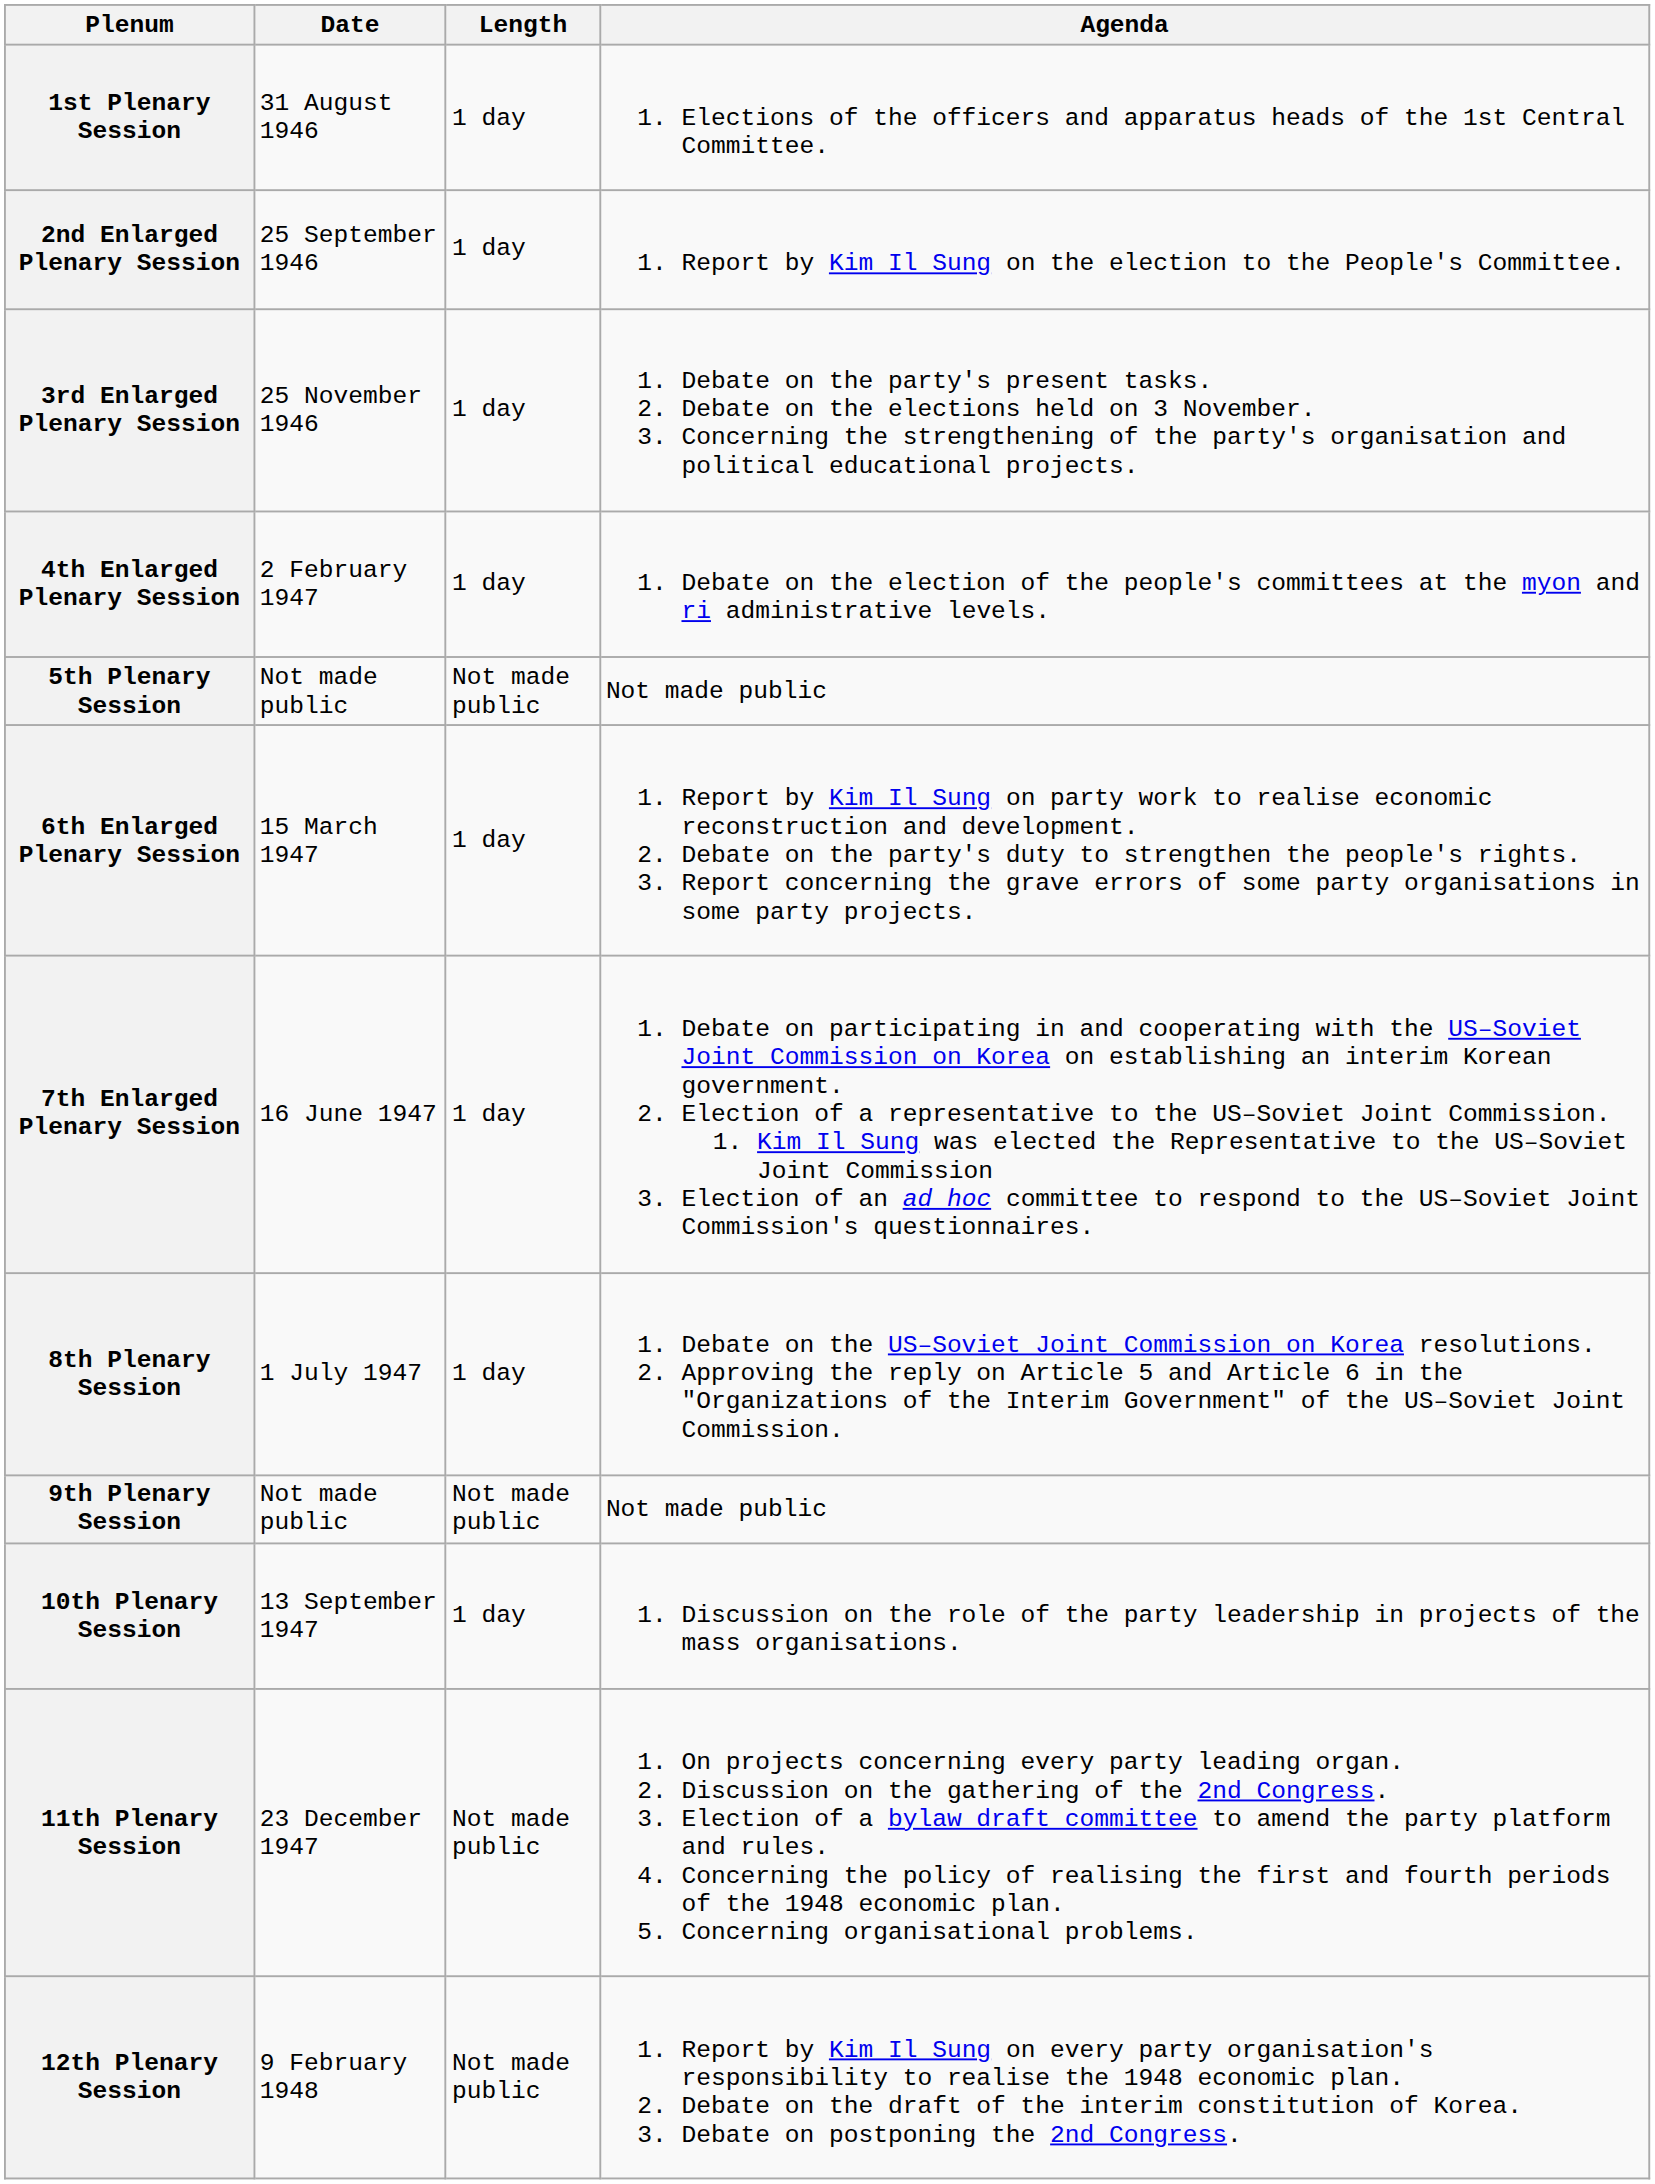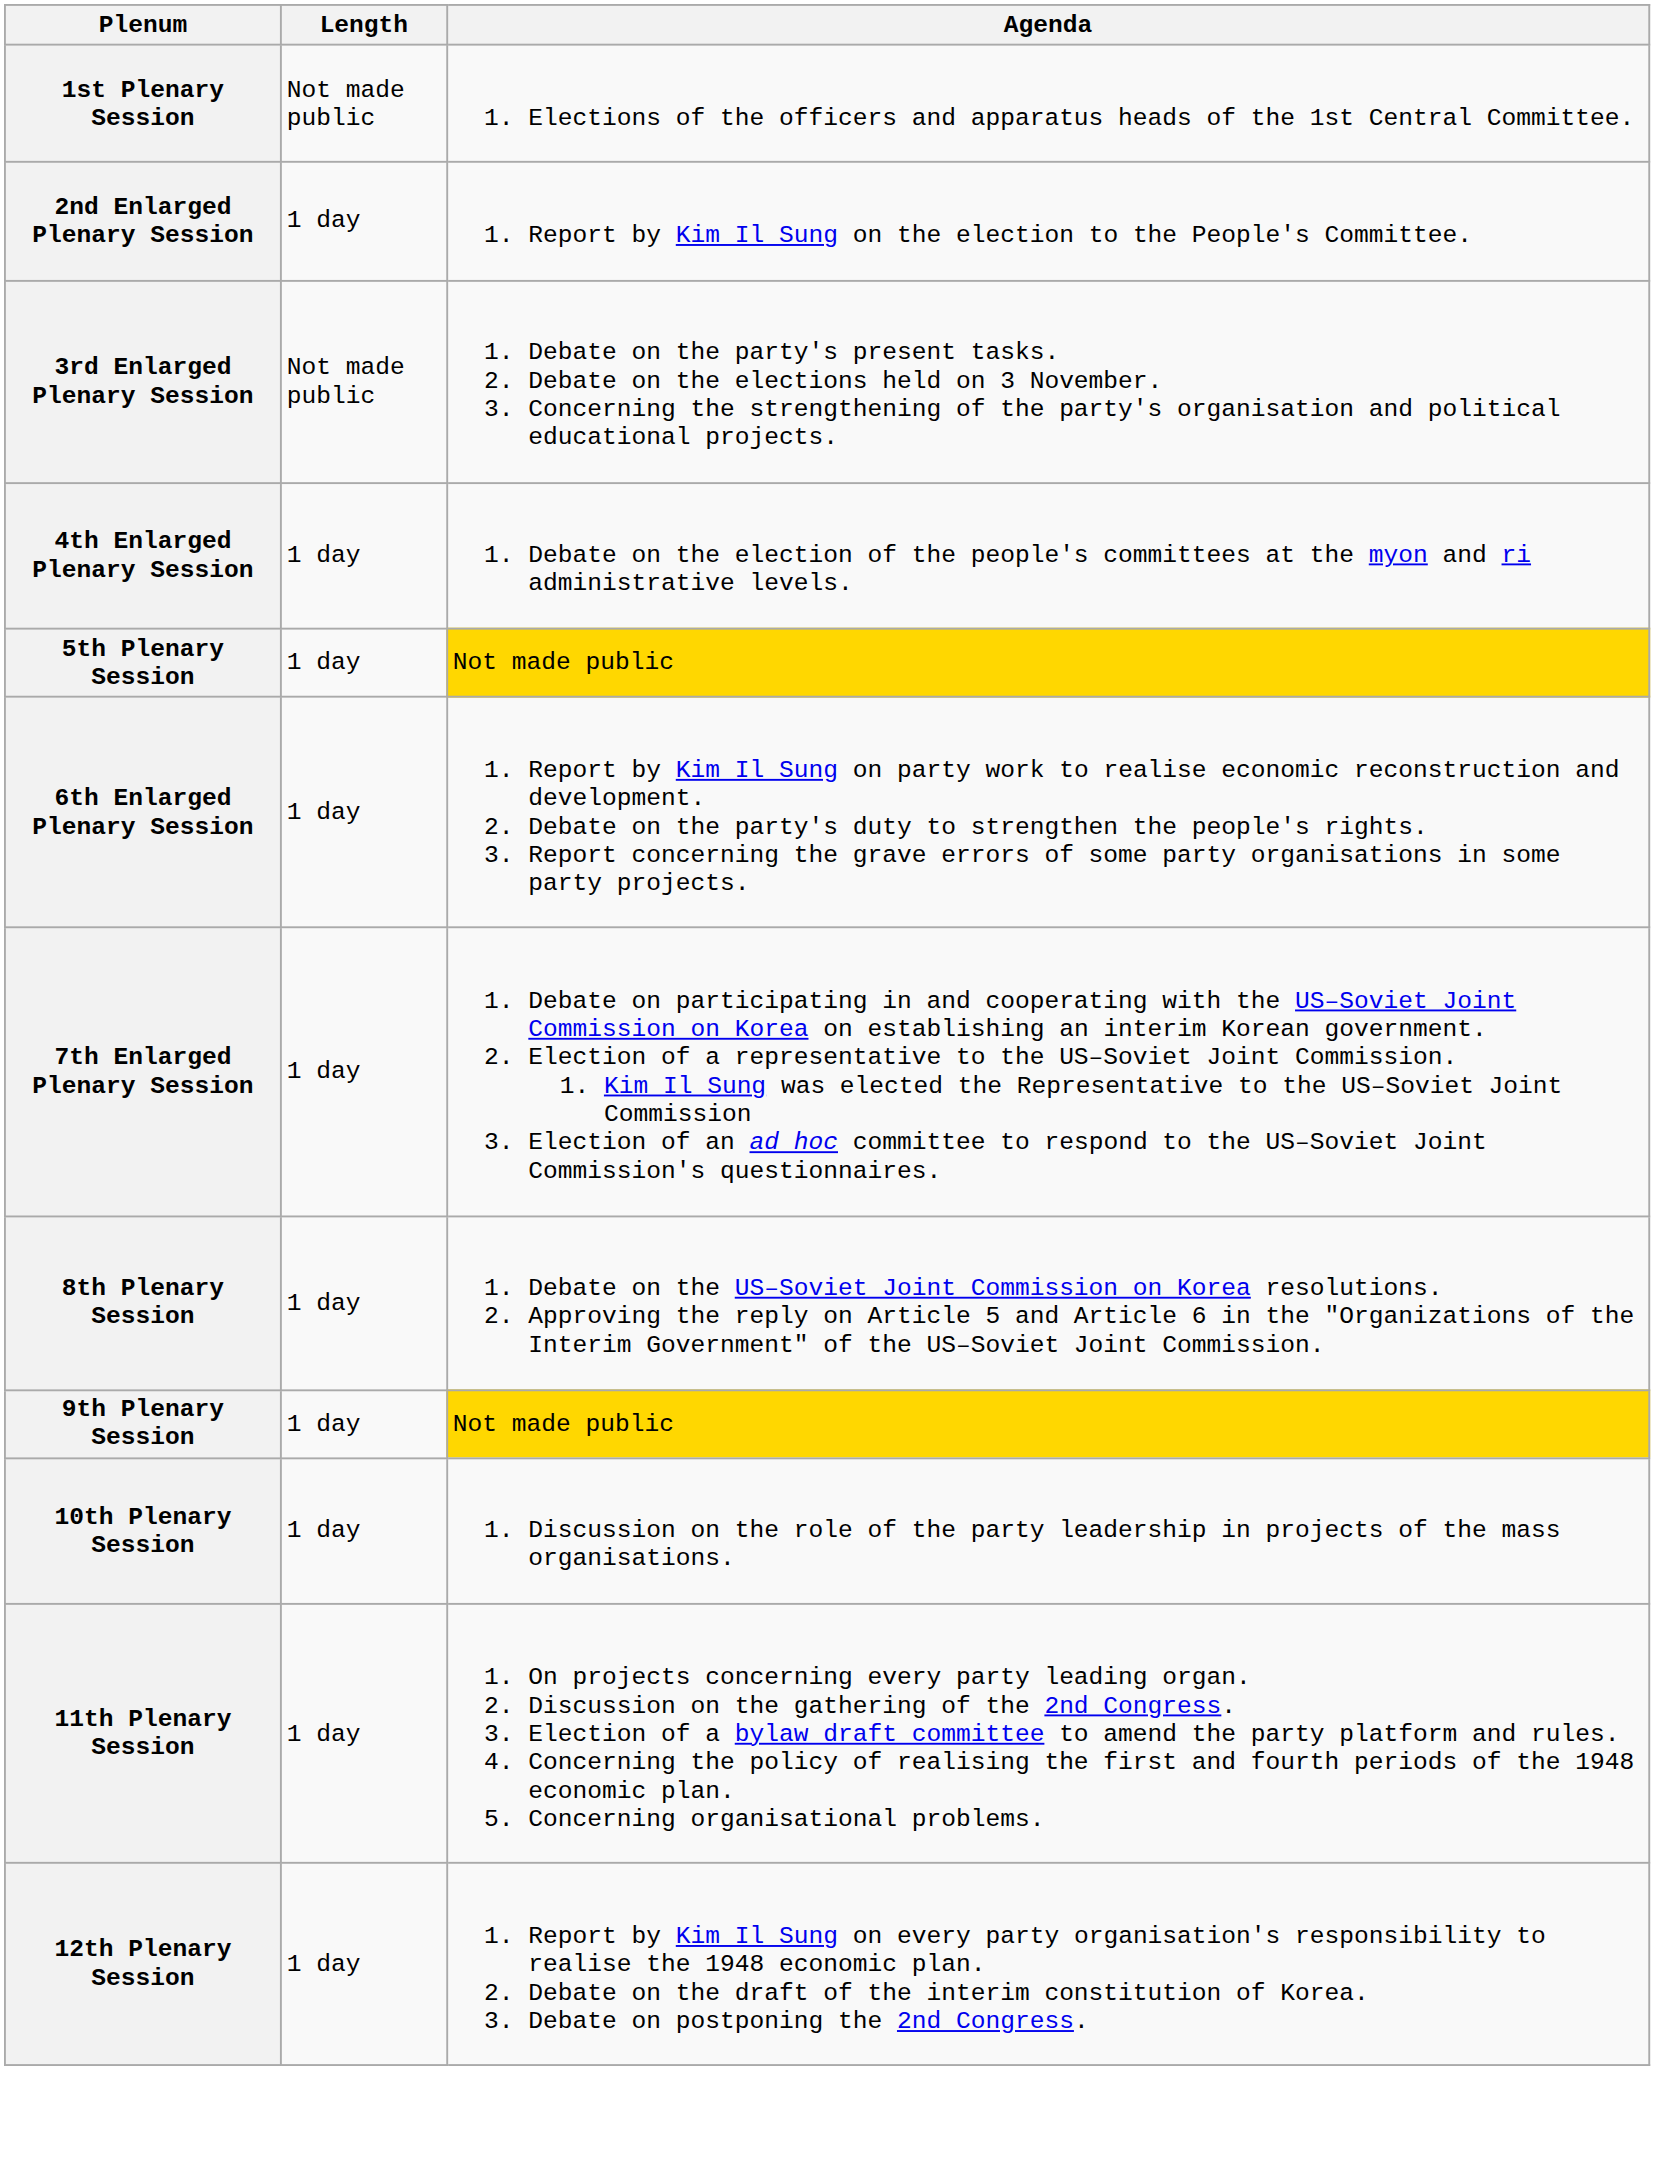 <table class="wikitable sortable plainrowheaders">
 <tr>
 <th scope="col">Plenum</th>
-<th scope="col">Date</th>
 <th scope="col">Length</th>
 <th scope="col">Agenda</th>
 </tr>
 <tr>
 <th scope="row">1st Plenary Session</th>
-<td data-sort-value="1">31 August 1946</td>
-<td>1 day</td>
+<td>Not made public</td>
 <td><br><ol><li>Elections of the officers and apparatus heads of the 1st  Central Committee.</li></ol></td>
 </tr>
 <tr>
 <th scope="row">2nd Enlarged Plenary Session</th>
-<td data-sort-value="2">25 September 1946</td>
 <td>1 day</td>
 <td><br><ol><li>Report by <a href='#'>Kim Il Sung</a> on the election to the People's Committee.</li></ol></td>
 </tr>
 <tr>
 <th scope="row">3rd Enlarged Plenary Session</th>
-<td data-sort-value="3">25 November 1946</td>
-<td>1 day</td>
+<td>Not made public</td>
 <td><br><ol><li>Debate on the party's present tasks.</li><li>Debate on the elections held on 3 November.</li><li>Concerning the strengthening of the party's organisation and political educational projects.</li></ol></td>
 </tr>
 <tr>
 <th scope="row">4th Enlarged Plenary Session</th>
-<td data-sort-value="4">2 February 1947</td>
 <td>1 day</td>
 <td><br><ol><li>Debate on the election of the people's committees at the <a href='#'>myon</a> and <a href='#'>ri</a> administrative levels.</li></ol></td>
 </tr>
 <tr>
 <th scope="row">5th Plenary Session</th>
-<td>Not made public</td>
-<td>Not made public</td>
-<td>Not made public</td>
+<td>1 day</td>
+<td style="background: gold;">Not made public</td>
 </tr>
 <tr>
 <th scope="row">6th Enlarged Plenary Session</th>
-<td data-sort-value="5">15 March 1947</td>
 <td>1 day</td>
 <td><br><ol><li>Report by <a href='#'>Kim Il Sung</a> on party work to realise economic reconstruction and development.</li><li>Debate on the party's duty to strengthen the people's rights.</li><li>Report concerning the grave errors of some party organisations in some party projects.</li></ol></td>
 </tr>
 <tr>
 <th scope="row">7th Enlarged Plenary Session</th>
-<td data-sort-value="6">16 June 1947</td>
 <td>1 day</td>
 <td><br><ol><li>Debate on participating in and cooperating with the <a href='#'>US–Soviet Joint Commission on Korea</a> on establishing an interim Korean government.</li><li>Election of a representative to the US–Soviet Joint Commission.<ol><li><a href='#'>Kim Il Sung</a> was elected the Representative to the US–Soviet Joint Commission</li></ol></li><li>Election of an <em><a href='#'>ad hoc</a></em> committee to respond to the US–Soviet Joint Commission's questionnaires.</li></ol></td>
 </tr>
 <tr>
 <th scope="row">8th Plenary Session</th>
-<td data-sort-value="7">1 July 1947</td>
 <td>1 day</td>
 <td><br><ol><li>Debate on the <a href='#'>US–Soviet Joint Commission on Korea</a> resolutions.</li><li>Approving the reply on Article 5 and Article 6 in the "Organizations of the Interim Government" of the US–Soviet Joint Commission.</li></ol></td>
 </tr>
 <tr>
 <th scope="row">9th Plenary Session</th>
-<td>Not made public</td>
-<td>Not made public</td>
-<td>Not made public</td>
+<td>1 day</td>
+<td style="background: gold;">Not made public</td>
 </tr>
 <tr>
 <th scope="row">10th Plenary Session</th>
-<td data-sort-value="8">13 September 1947</td>
 <td>1 day</td>
 <td><br><ol><li>Discussion on the role of the party leadership in projects of the mass organisations.</li></ol></td>
 </tr>
 <tr>
 <th scope="row">11th Plenary Session</th>
-<td data-sort-value="9">23 December 1947</td>
-<td>Not made public</td>
+<td>1 day</td>
 <td><br><ol><li>On projects concerning every party leading organ.</li><li>Discussion on the gathering of the <a href='#'>2nd Congress</a>.</li><li>Election of a <a href='#'>bylaw draft committee</a> to amend the party platform and rules.</li><li>Concerning the policy of realising the first and fourth periods of the 1948 economic plan.</li><li>Concerning organisational problems.</li></ol></td>
 </tr>
 <tr>
 <th scope="row">12th Plenary Session</th>
-<td data-sort-value="10">9 February 1948</td>
-<td>Not made public</td>
+<td>1 day</td>
 <td><br><ol><li>Report by <a href='#'>Kim Il Sung</a> on every party organisation's responsibility to realise the 1948 economic plan.</li><li>Debate on the draft of the interim constitution of Korea.</li><li>Debate on postponing the <a href='#'>2nd Congress</a>.</li></ol></td>
 </tr>
 </table>
